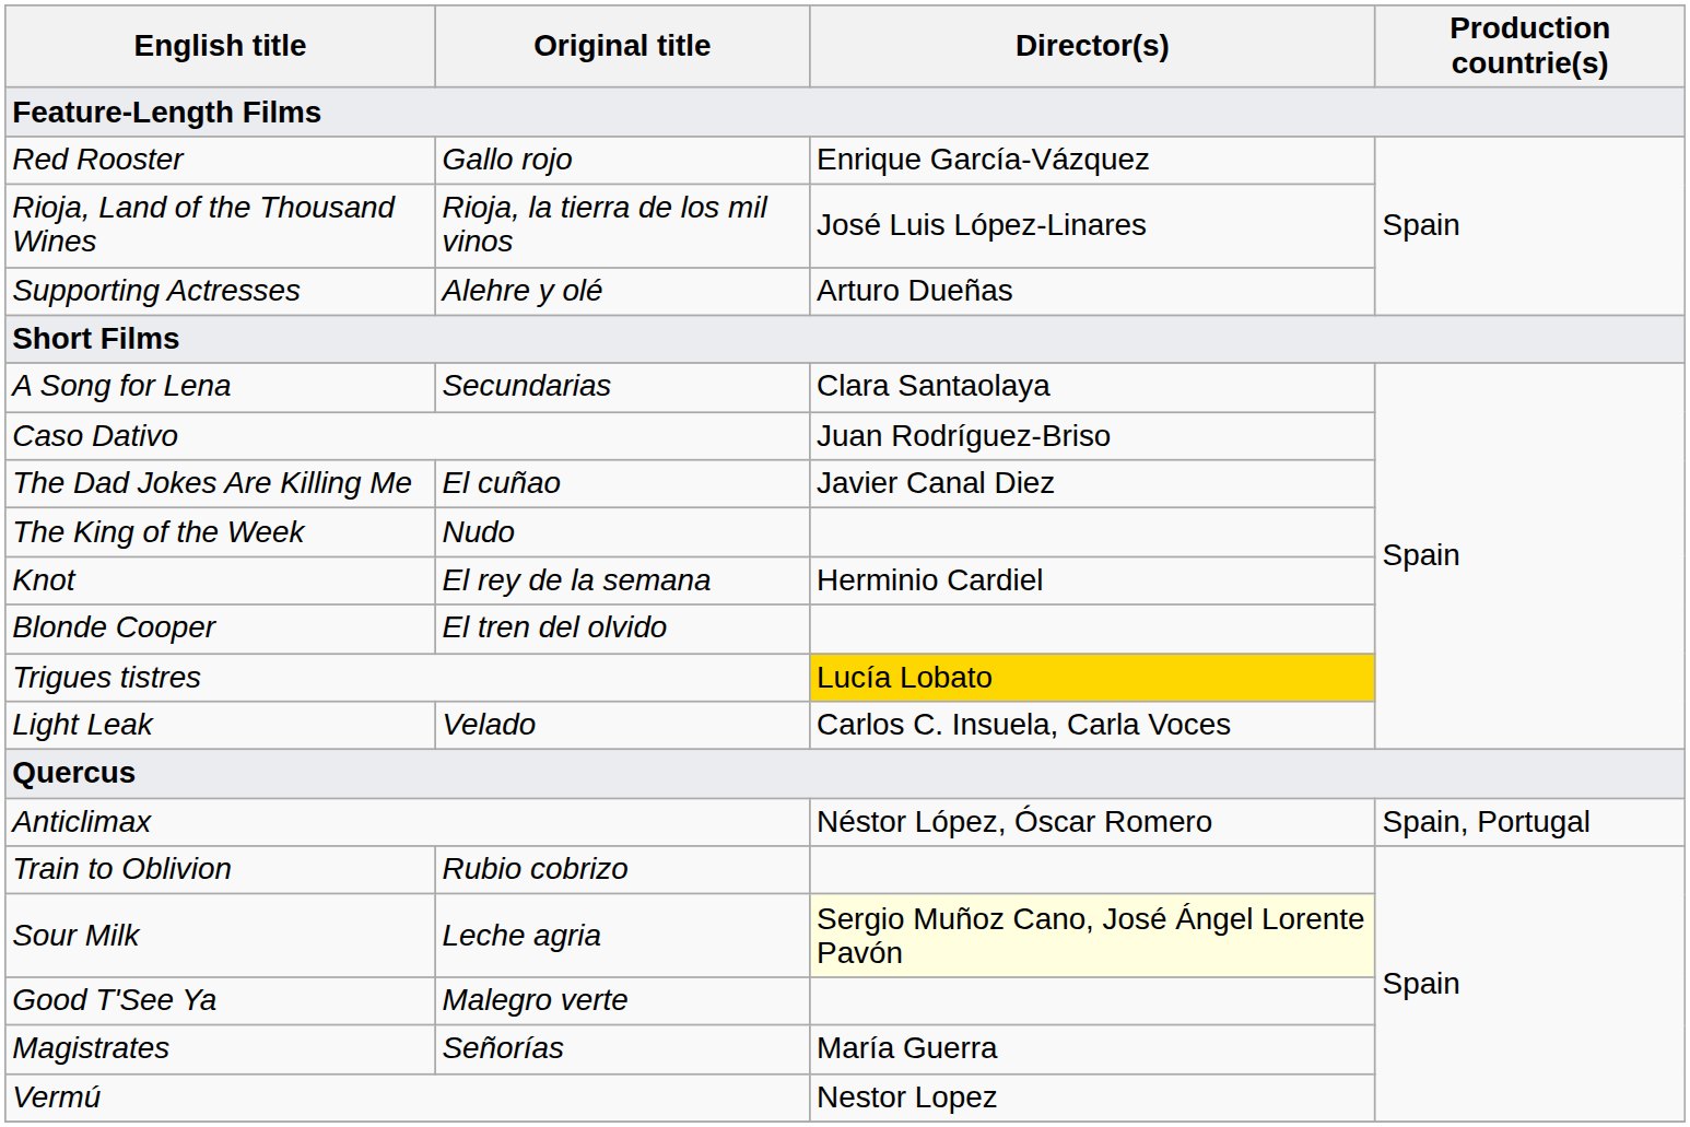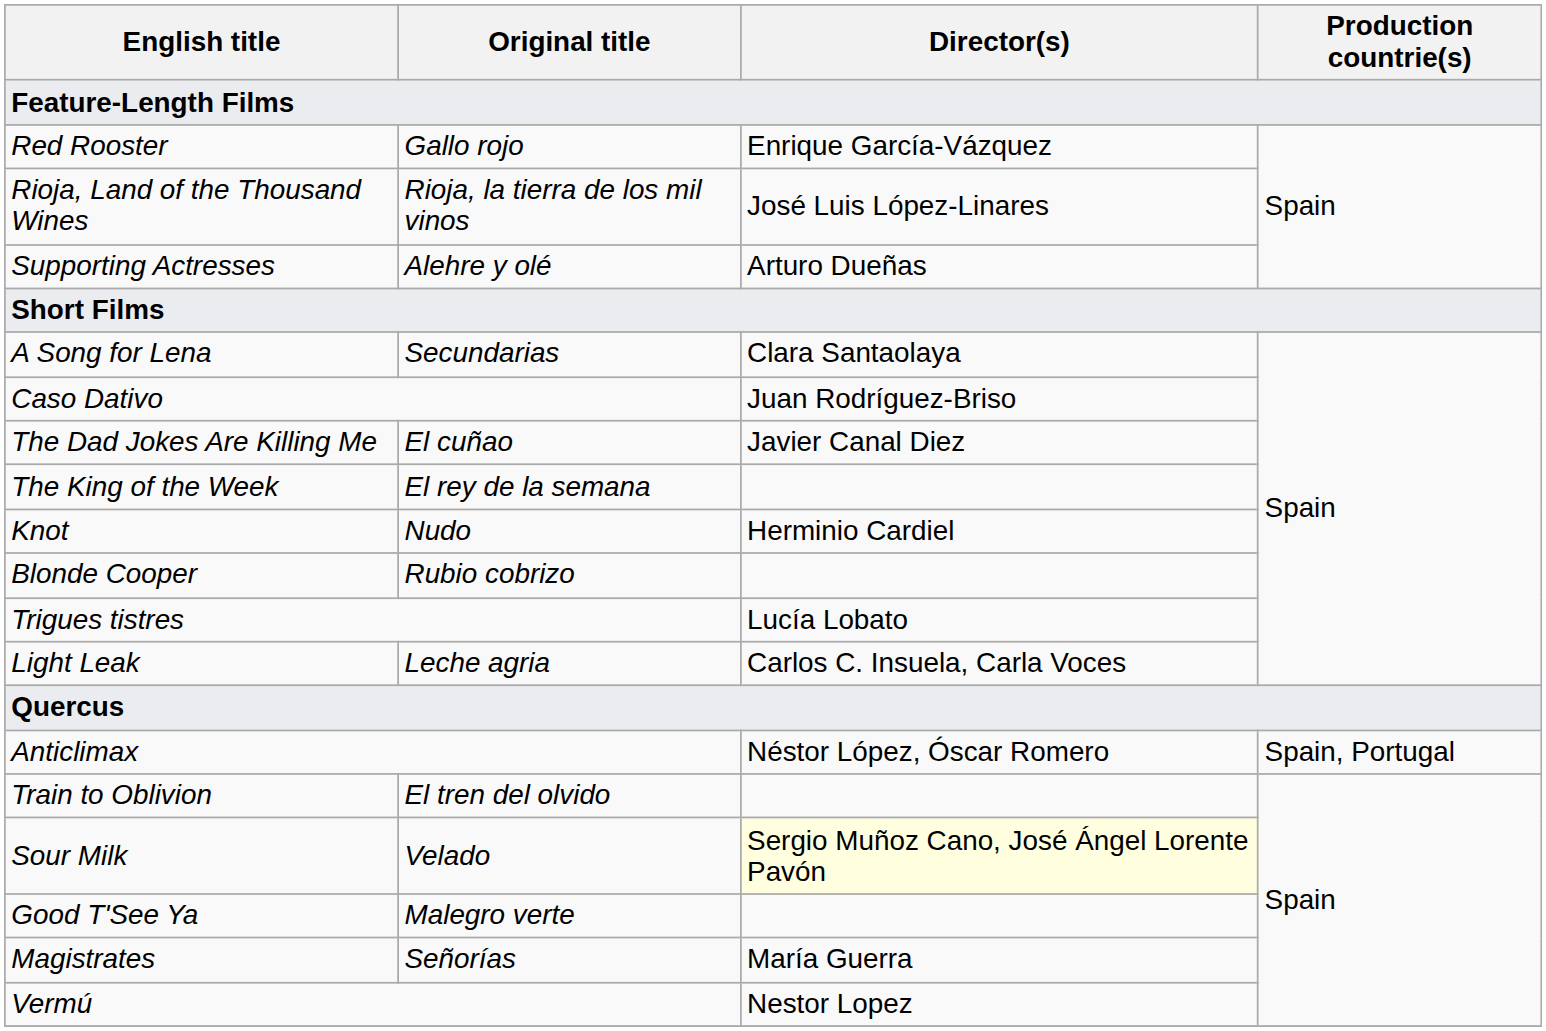 <table class="sortable wikitable" style="width:100%; margin-bottom:4px" cellpadding="5">
 <tr>
 <th scope="col">English title</th>
 <th scope="col">Original title</th>
 <th scope="col">Director(s)</th>
 <th scope="col">Production countrie(s)</th>
 </tr>
 <tr>
 <td colspan=4 class="center" style="padding-center:120px; background-color:#EAECF0"><strong>Feature-Length Films</strong></td>
 </tr>
 <tr>
 <td><em>Red Rooster</em></td>
 <td><em>Gallo rojo</em></td>
 <td>Enrique García-Vázquez</td>
 <td rowspan="3">Spain</td>
 </tr>
 <tr>
 <td><em>Rioja, Land of the Thousand Wines</em></td>
 <td><em>Rioja, la tierra de los mil vinos</em></td>
 <td>José Luis López-Linares</td>
 </tr>
 <tr>
 <td><em>Supporting Actresses</em></td>
 <td><em>Alehre y olé</em></td>
 <td>Arturo Dueñas</td>
 </tr>
 <tr>
 <td colspan=4 class="center" style="padding-center:120px; background-color:#EAECF0"><strong>Short Films</strong></td>
 </tr>
 <tr>
 <td><em>A Song for Lena</em></td>
 <td><em>Secundarias</em></td>
 <td>Clara Santaolaya</td>
 <td rowspan="8">Spain</td>
 </tr>
 <tr>
 <td colspan="2"><em>Caso Dativo</em></td>
 <td>Juan Rodríguez-Briso</td>
 </tr>
 <tr>
 <td><em>The Dad Jokes Are Killing Me</em></td>
 <td><em>El cuñao</em></td>
 <td>Javier Canal Diez</td>
 </tr>
 <tr>
 <td><em>The King of the Week</em></td>
-<td><em>Nudo</em></td>
+<td><em>El rey de la semana</em></td>
 <td></td>
 </tr>
 <tr>
 <td><em>Knot</em></td>
-<td><em>El rey de la semana</em></td>
+<td><em>Nudo</em></td>
 <td>Herminio Cardiel</td>
 </tr>
 <tr>
 <td><em>Blonde Cooper</em></td>
-<td><em>El tren del olvido</em></td>
+<td><em>Rubio cobrizo</em></td>
 <td></td>
 </tr>
 <tr>
 <td colspan="2"><em>Trigues tistres</em></td>
-<td style="background: gold;">Lucía Lobato</td>
+<td>Lucía Lobato</td>
 </tr>
 <tr>
 <td><em>Light Leak</em></td>
-<td><em>Velado</em></td>
+<td><em>Leche agria</em></td>
 <td>Carlos C. Insuela, Carla Voces</td>
 </tr>
 <tr>
 <td colspan=4 class="center" style="padding-center:120px; background-color:#EAECF0"><strong>Quercus</strong></td>
 </tr>
 <tr>
 <td colspan="2"><em>Anticlimax</em></td>
 <td>Néstor López, Óscar Romero</td>
 <td>Spain, Portugal</td>
 </tr>
 <tr>
 <td><em>Train to Oblivion</em></td>
-<td><em>Rubio cobrizo</em></td>
+<td><em>El tren del olvido</em></td>
 <td></td>
 <td rowspan="5">Spain</td>
 </tr>
 <tr>
 <td><em>Sour Milk</em></td>
-<td><em>Leche agria</em></td>
+<td><em>Velado</em></td>
 <td style="background: lightyellow;">Sergio Muñoz Cano, José Ángel Lorente Pavón</td>
 </tr>
 <tr>
 <td><em>Good T'See Ya</em></td>
 <td><em>Malegro verte</em></td>
 <td></td>
 </tr>
 <tr>
 <td><em>Magistrates</em></td>
 <td><em>Señorías</em></td>
 <td>María Guerra</td>
 </tr>
 <tr>
 <td colspan="2"><em>Vermú</em></td>
 <td>Nestor Lopez</td>
 </tr>
 <tr>
 </tr>
 </table>
